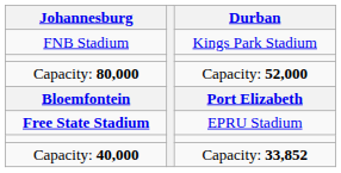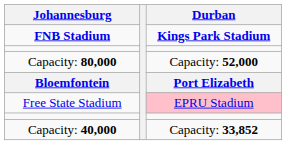 <table class=wikitable style="text-align:center">
 <tr>
 <th width=160><a href='#'>Johannesburg</a></th>
 <th rowspan=8><br></th>
 <th width=160><a href='#'>Durban</a></th>
 </tr>
 <tr>
-<td><a href='#'>FNB Stadium</a></td>
-<td><a href='#'>Kings Park Stadium</a></td>
+<td><strong><a href='#'>FNB Stadium</a></strong></td>
+<td><strong><a href='#'>Kings Park Stadium</a></strong></td>
 </tr>
 <tr>
 <td></td>
 <td></td>
 </tr>
 <tr>
 <td>Capacity: <strong>80,000</strong></td>
 <td>Capacity: <strong>52,000</strong></td>
 </tr>
 <tr>
 <th width=160><a href='#'>Bloemfontein</a></th>
 <th><a href='#'>Port Elizabeth</a></th>
 </tr>
 <tr>
-<td><strong><a href='#'>Free State Stadium</a></strong></td>
-<td><a href='#'>EPRU Stadium</a></td>
+<td><a href='#'>Free State Stadium</a></td>
+<td style="background: pink;"><a href='#'>EPRU Stadium</a></td>
 </tr>
 <tr>
 <td></td>
 <td></td>
 </tr>
 <tr>
 <td>Capacity: <strong>40,000</strong></td>
 <td>Capacity: <strong>33,852</strong></td>
 </tr>
 </table>
